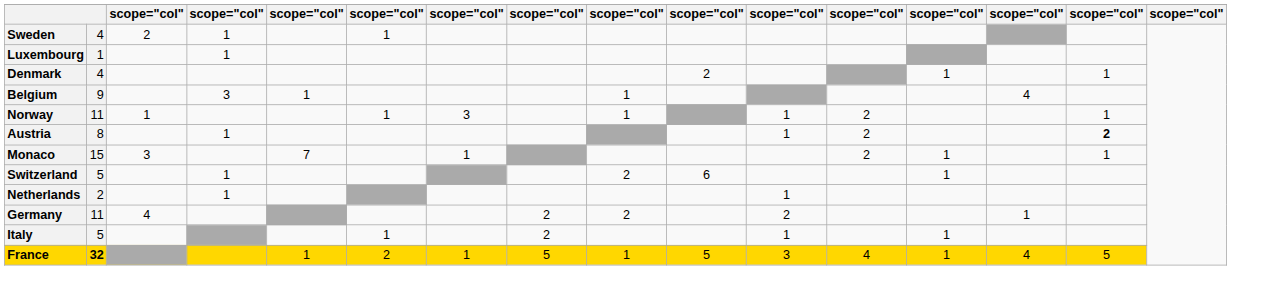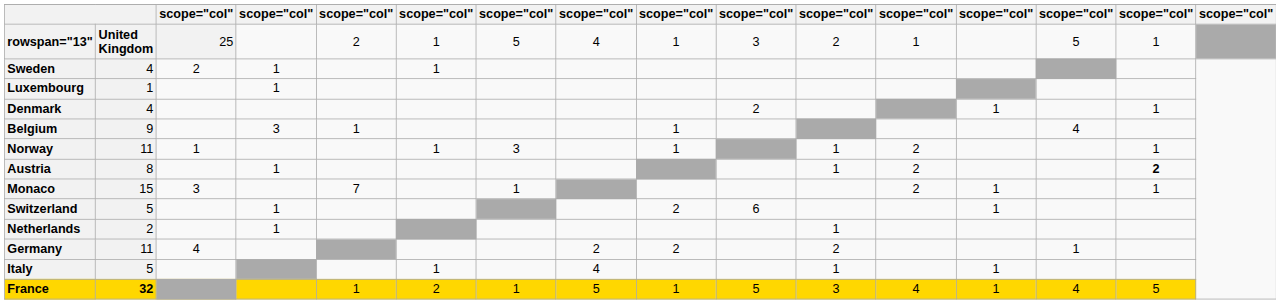 <table class="wikitable plainrowheaders" style="text-align:center;">
 <tr>
 </tr>
 <tr>
 <th colspan="2"></th>
 <th>scope="col" </th>
 <th>scope="col" </th>
 <th>scope="col" </th>
 <th>scope="col" </th>
 <th>scope="col" </th>
 <th>scope="col" </th>
 <th>scope="col" </th>
 <th>scope="col" </th>
 <th>scope="col" </th>
 <th>scope="col" </th>
 <th>scope="col" </th>
 <th>scope="col" </th>
 <th>scope="col" </th>
 <th>scope="col" </th>
+</tr>
+<tr>
+<th>rowspan="13" </th>
+<th scope="row" style="text-align:left; background:#f2f2f2;">United Kingdom</th>
+<td style="text-align:right; background:#f2f2f2;">25</td>
+<td></td>
+<td>2</td>
+<td>1</td>
+<td>5</td>
+<td>4</td>
+<td>1</td>
+<td>3</td>
+<td>2</td>
+<td>1</td>
+<td></td>
+<td>5</td>
+<td>1</td>
+<td style="text-align:left; background-color:#aaa"></td>
 </tr>
 <tr>
 <th scope="row" style="text-align:left; background:#f2f2f2;">Sweden</th>
 <td style="text-align:right; background:#f2f2f2;">4</td>
 <td>2</td>
 <td>1</td>
 <td></td>
 <td>1</td>
 <td></td>
 <td></td>
 <td></td>
 <td></td>
 <td></td>
 <td></td>
 <td></td>
 <td style="text-align:left; background-color:#aaa"></td>
 <td></td>
 </tr>
 <tr>
 <th scope="row" style="text-align:left; background:#f2f2f2;">Luxembourg</th>
 <td style="text-align:right; background:#f2f2f2;">1</td>
 <td></td>
 <td>1</td>
 <td></td>
 <td></td>
 <td></td>
 <td></td>
 <td></td>
 <td></td>
 <td></td>
 <td></td>
 <td style="text-align:left; background-color:#aaa"></td>
 <td></td>
 <td></td>
 </tr>
 <tr>
 <th scope="row" style="text-align:left; background:#f2f2f2;">Denmark</th>
 <td style="text-align:right; background:#f2f2f2;">4</td>
 <td></td>
 <td></td>
 <td></td>
 <td></td>
 <td></td>
 <td></td>
 <td></td>
 <td>2</td>
 <td></td>
 <td style="text-align:left; background-color:#aaa"></td>
 <td>1</td>
 <td></td>
 <td>1</td>
 </tr>
 <tr>
 <th scope="row" style="text-align:left; background:#f2f2f2;">Belgium</th>
 <td style="text-align:right; background:#f2f2f2;">9</td>
 <td></td>
 <td>3</td>
 <td>1</td>
 <td></td>
 <td></td>
 <td></td>
 <td>1</td>
 <td></td>
 <td style="text-align:left; background-color:#aaa"></td>
 <td></td>
 <td></td>
 <td>4</td>
 <td></td>
 </tr>
 <tr>
 <th scope="row" style="text-align:left; background:#f2f2f2;">Norway</th>
 <td style="text-align:right; background:#f2f2f2;">11</td>
 <td>1</td>
 <td></td>
 <td></td>
 <td>1</td>
 <td>3</td>
 <td></td>
 <td>1</td>
 <td style="text-align:left; background-color:#aaa"></td>
 <td>1</td>
 <td>2</td>
 <td></td>
 <td></td>
 <td>1</td>
 </tr>
 <tr>
 <th scope="row" style="text-align:left; background:#f2f2f2;">Austria</th>
 <td style="text-align:right; background:#f2f2f2;">8</td>
 <td></td>
 <td>1</td>
 <td></td>
 <td></td>
 <td></td>
 <td></td>
 <td style="text-align:left; background-color:#aaa"></td>
 <td></td>
 <td>1</td>
 <td>2</td>
 <td></td>
 <td></td>
 <td><strong>2</strong></td>
 </tr>
 <tr>
 <th scope="row" style="text-align:left; background:#f2f2f2;">Monaco</th>
 <td style="text-align:right; background:#f2f2f2;">15</td>
 <td>3</td>
 <td></td>
 <td>7</td>
 <td></td>
 <td>1</td>
 <td style="text-align:left; background-color:#aaa"></td>
 <td></td>
 <td></td>
 <td></td>
 <td>2</td>
 <td>1</td>
 <td></td>
 <td>1</td>
 </tr>
 <tr>
 <th scope="row" style="text-align:left; background:#f2f2f2;">Switzerland</th>
 <td style="text-align:right; background:#f2f2f2;">5</td>
 <td></td>
 <td>1</td>
 <td></td>
 <td></td>
 <td style="text-align:left; background-color:#aaa"></td>
 <td></td>
 <td>2</td>
 <td>6</td>
 <td></td>
 <td></td>
 <td>1</td>
 <td></td>
 <td></td>
 </tr>
 <tr>
 <th scope="row" style="text-align:left; background:#f2f2f2;">Netherlands</th>
 <td style="text-align:right; background:#f2f2f2;">2</td>
 <td></td>
 <td>1</td>
 <td></td>
 <td style="text-align:left; background-color:#aaa"></td>
 <td></td>
 <td></td>
 <td></td>
 <td></td>
 <td>1</td>
 <td></td>
 <td></td>
 <td></td>
 <td></td>
 </tr>
 <tr>
 <th scope="row" style="text-align:left; background:#f2f2f2;">Germany</th>
 <td style="text-align:right; background:#f2f2f2;">11</td>
 <td>4</td>
 <td></td>
 <td style="text-align:left; background-color:#aaa"></td>
 <td></td>
 <td></td>
 <td>2</td>
 <td>2</td>
 <td></td>
 <td>2</td>
 <td></td>
 <td></td>
 <td>1</td>
 <td></td>
 </tr>
 <tr>
 <th scope="row" style="text-align:left; background:#f2f2f2;">Italy</th>
 <td style="text-align:right; background:#f2f2f2;">5</td>
 <td></td>
 <td style="text-align:left; background-color:#aaa"></td>
 <td></td>
 <td>1</td>
 <td></td>
-<td>2</td>
+<td>4</td>
 <td></td>
 <td></td>
 <td>1</td>
 <td></td>
 <td>1</td>
 <td></td>
 <td></td>
 </tr>
 <tr style="background:gold;">
 <th scope="row" style="text-align:left; font-weight:bold; background:gold;">France</th>
 <td style="text-align:right; font-weight:bold;">32</td>
 <td style="text-align:left; background-color:#aaa"></td>
 <td></td>
 <td>1</td>
 <td>2</td>
 <td>1</td>
 <td>5</td>
 <td>1</td>
 <td>5</td>
 <td>3</td>
 <td>4</td>
 <td>1</td>
 <td>4</td>
 <td>5</td>
 </tr>
 </table>
